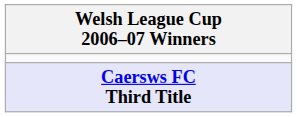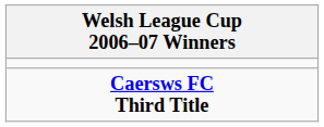 <table class="wikitable" style="text-align: center; margin: 0 auto; width: 20%">
 <tr>
 <th>Welsh League Cup <br>2006–07 Winners</th>
 </tr>
 <tr>
 <td></td>
 </tr>
 <tr>
-<td style="background: lavender;"><strong><a href='#'>Caersws FC</a></strong><br><strong>Third Title</strong></td>
+<td><strong><a href='#'>Caersws FC</a></strong><br><strong>Third Title</strong></td>
 </tr>
 </table>
